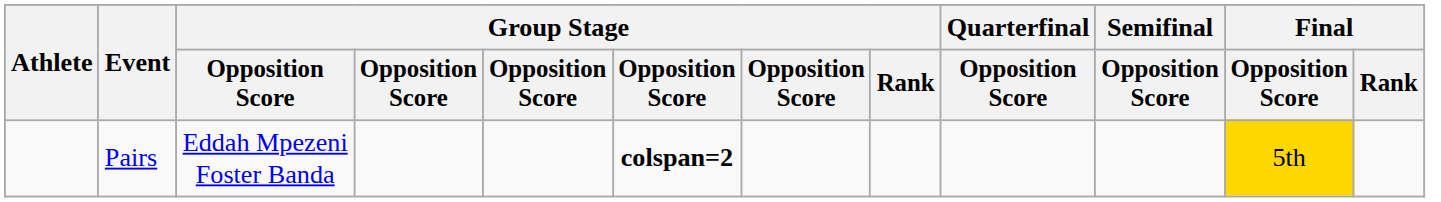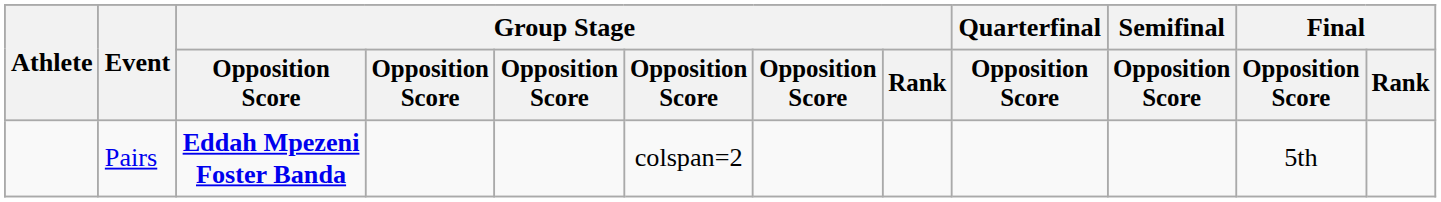 <table class="wikitable" style="font-size:88%">
 <tr>
 <th rowspan=2>Athlete</th>
 <th rowspan=2>Event</th>
 <th colspan=6>Group Stage</th>
 <th>Quarterfinal</th>
 <th>Semifinal</th>
 <th colspan=2>Final</th>
 </tr>
 <tr style="font-size:95%">
 <th>Opposition<br>Score</th>
 <th>Opposition<br>Score</th>
 <th>Opposition<br>Score</th>
 <th>Opposition<br>Score</th>
 <th>Opposition<br>Score</th>
 <th>Rank</th>
 <th>Opposition<br>Score</th>
 <th>Opposition<br>Score</th>
 <th>Opposition<br>Score</th>
 <th>Rank</th>
 </tr>
 <tr align=center>
 <td align=left></td>
 <td align=left><a href='#'>Pairs</a></td>
-<td><a href='#'>Eddah Mpezeni</a><br><a href='#'>Foster Banda</a></td>
+<td><strong><a href='#'>Eddah Mpezeni</a><br><a href='#'>Foster Banda</a></strong></td>
 <td></td>
 <td></td>
-<td><strong>colspan=2 </strong></td>
+<td>colspan=2 </td>
 <td></td>
 <td></td>
 <td></td>
 <td></td>
-<td style="background: gold;">5th</td>
+<td>5th</td>
 </tr>
 </table>
